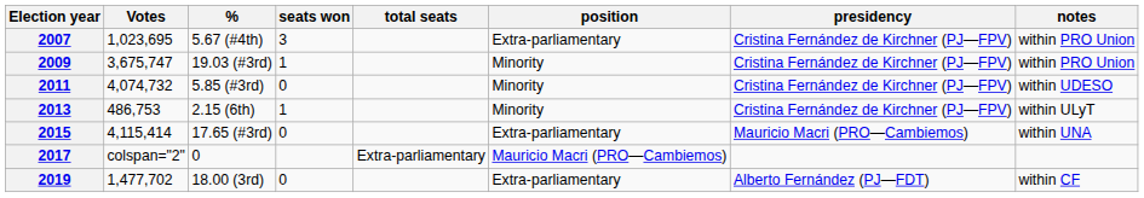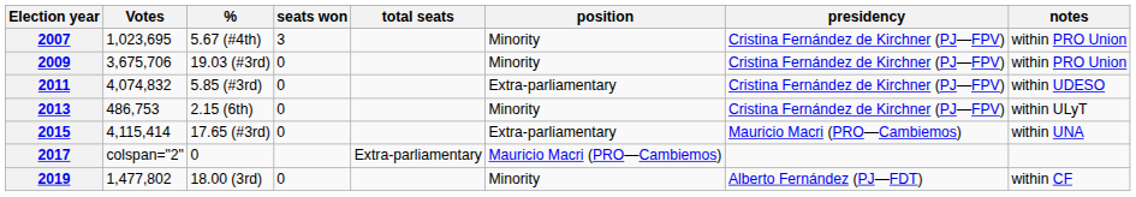 <table class="wikitable">
 <tr>
 <th>Election year</th>
 <th>Votes</th>
 <th>%</th>
 <th>seats won</th>
 <th>total seats</th>
 <th>position</th>
 <th>presidency</th>
 <th>notes</th>
 </tr>
 <tr>
 <th><a href='#'>2007</a></th>
 <td>1,023,695</td>
 <td>5.67 (#4th)</td>
 <td>3</td>
 <td></td>
-<td>Extra-parliamentary</td>
+<td>Minority</td>
 <td><a href='#'>Cristina Fernández de Kirchner</a> (<a href='#'>PJ</a>—<a href='#'>FPV</a>)</td>
 <td>within <a href='#'>PRO Union</a></td>
 </tr>
 <tr>
 <th><a href='#'>2009</a></th>
-<td>3,675,747</td>
+<td>3,675,706</td>
 <td>19.03 (#3rd)</td>
-<td>1</td>
+<td>0</td>
 <td></td>
 <td>Minority</td>
 <td><a href='#'>Cristina Fernández de Kirchner</a> (<a href='#'>PJ</a>—<a href='#'>FPV</a>)</td>
 <td>within <a href='#'>PRO Union</a></td>
 </tr>
 <tr>
 <th><a href='#'>2011</a></th>
-<td>4,074,732</td>
+<td>4,074,832</td>
 <td>5.85 (#3rd)</td>
 <td>0</td>
 <td></td>
-<td>Minority</td>
+<td>Extra-parliamentary</td>
 <td><a href='#'>Cristina Fernández de Kirchner</a> (<a href='#'>PJ</a>—<a href='#'>FPV</a>)</td>
 <td>within <a href='#'>UDESO</a></td>
 </tr>
 <tr>
 <th><a href='#'>2013</a></th>
 <td>486,753</td>
 <td>2.15 (6th)</td>
-<td>1</td>
+<td>0</td>
 <td></td>
 <td>Minority</td>
 <td><a href='#'>Cristina Fernández de Kirchner</a> (<a href='#'>PJ</a>—<a href='#'>FPV</a>)</td>
 <td>within ULyT</td>
 </tr>
 <tr>
 <th><a href='#'>2015</a></th>
 <td>4,115,414</td>
 <td>17.65 (#3rd)</td>
 <td>0</td>
 <td></td>
 <td>Extra-parliamentary</td>
 <td><a href='#'>Mauricio Macri</a> (<a href='#'>PRO</a>—<a href='#'>Cambiemos</a>)</td>
 <td>within <a href='#'>UNA</a></td>
 </tr>
 <tr>
 <th><a href='#'>2017</a></th>
 <td>colspan="2" </td>
 <td>0</td>
 <td></td>
 <td>Extra-parliamentary</td>
 <td><a href='#'>Mauricio Macri</a> (<a href='#'>PRO</a>—<a href='#'>Cambiemos</a>)</td>
 <td></td>
 </tr>
 <tr>
 <th><a href='#'>2019</a></th>
-<td>1,477,702</td>
+<td>1,477,802</td>
 <td>18.00 (3rd)</td>
 <td>0</td>
 <td></td>
-<td>Extra-parliamentary</td>
+<td>Minority</td>
 <td><a href='#'>Alberto Fernández</a> (<a href='#'>PJ</a>—<a href='#'>FDT</a>)</td>
 <td>within <a href='#'>CF</a></td>
 </tr>
 </table>
